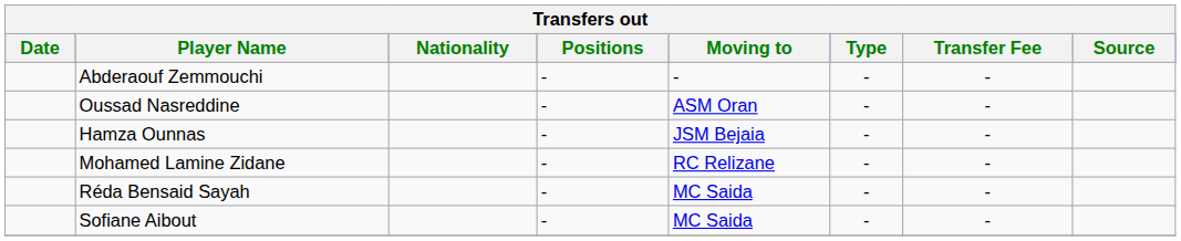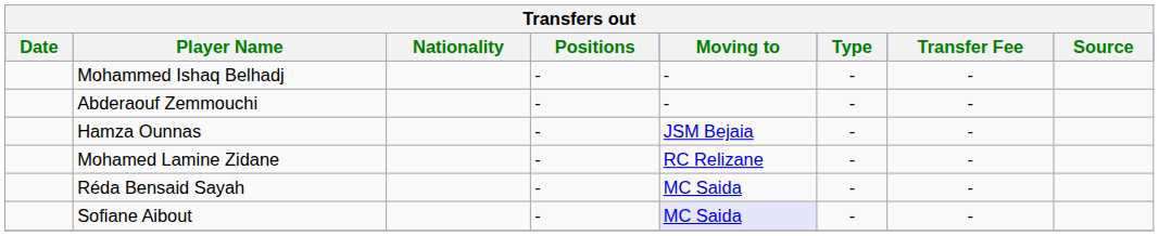 <table class="wikitable collapsible collapsed" style="font-size:95%; text-align: center; width: 980px;">
 <tr>
 <th colspan="8" style="with: 100%;" align=center style="color:green; background:FFFFFF">Transfers out</th>
 </tr>
 <tr bgcolor="blue" style="color:green;">
 <th>Date</th>
 <th>Player Name</th>
 <th>Nationality</th>
 <th>Positions</th>
 <th>Moving to</th>
 <th>Type</th>
 <th>Transfer Fee</th>
 <th>Source</th>
 </tr>
 <tr>
 <td align="left"></td>
-<td align="left"> Abderaouf Zemmouchi</td>
+<td align="left"> Mohammed Ishaq Belhadj</td>
 <td align=center></td>
 <td align=left>-</td>
 <td align=left>-</td>
 <td align=center>-</td>
 <td align=center>-</td>
 <td align=center></td>
 </tr>
 <tr>
 <td align="left"></td>
-<td align="left"> Oussad Nasreddine</td>
+<td align="left"> Abderaouf Zemmouchi</td>
 <td align=center></td>
 <td align=left>-</td>
-<td align=left><a href='#'>ASM Oran</a></td>
+<td align=left>-</td>
 <td align=center>-</td>
 <td align=center>-</td>
 <td align=center></td>
 </tr>
 <tr>
 <td align="left"></td>
 <td align="left"> Hamza Ounnas</td>
 <td align=center></td>
 <td align=left>-</td>
 <td align=left><a href='#'>JSM Bejaia</a></td>
 <td align=center>-</td>
 <td align=center>-</td>
 <td align=center></td>
 </tr>
 <tr>
 <td align="left"></td>
 <td align="left"> Mohamed Lamine Zidane</td>
 <td align=center></td>
 <td align=left>-</td>
 <td align=left><a href='#'>RC Relizane</a></td>
 <td align=center>-</td>
 <td align=center>-</td>
 <td align=center></td>
 </tr>
 <tr>
 <td align="left"></td>
 <td align="left"> Réda Bensaid Sayah</td>
 <td align=center></td>
 <td align=left>-</td>
 <td align=left><a href='#'>MC Saida</a></td>
 <td align=center>-</td>
 <td align=center>-</td>
 <td align=center></td>
 </tr>
 <tr>
 <td align="left"></td>
 <td align="left"> Sofiane Aibout</td>
 <td align=center></td>
 <td align=left>-</td>
-<td align=left><a href='#'>MC Saida</a></td>
+<td align=left style="background: lavender;"><a href='#'>MC Saida</a></td>
 <td align=center>-</td>
 <td align=center>-</td>
 <td align=center></td>
 </tr>
 <tr>
 </tr>
 </table>
